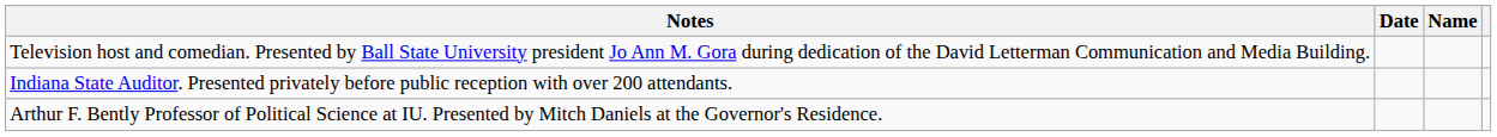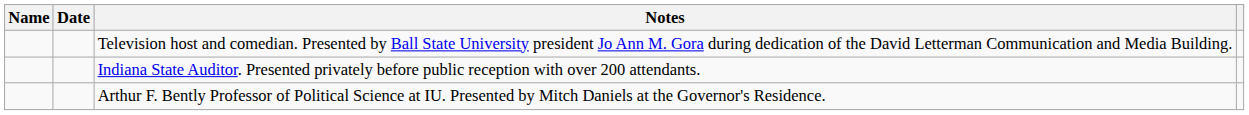 <table class="wikitable sortable plainheaders">
 <tr style="background:#b0c4de; text-align:center;">
+<th scope="col">Name</th>
+<th scope="col">Date</th>
 <th scope="col" class="unsortable">Notes</th>
-<th scope="col">Date</th>
-<th scope="col">Name</th>
 <th scope="col" class="unsortable"></th>
 </tr>
 <tr>
-<td>Television host and comedian. Presented by <a href='#'>Ball State University</a> president <a href='#'>Jo Ann M. Gora</a> during dedication of the David Letterman Communication and Media Building.</td>
 <td></td>
 <td></td>
+<td>Television host and comedian. Presented by <a href='#'>Ball State University</a> president <a href='#'>Jo Ann M. Gora</a> during dedication of the David Letterman Communication and Media Building.</td>
 <td style="text-align:center;"></td>
 </tr>
 <tr>
-<td><a href='#'>Indiana State Auditor</a>. Presented privately before public reception with over 200 attendants.</td>
 <td></td>
 <td></td>
+<td><a href='#'>Indiana State Auditor</a>. Presented privately before public reception with over 200 attendants.</td>
 <td style="text-align:center;"></td>
 </tr>
 <tr>
-<td>Arthur F. Bently Professor of Political Science at IU. Presented by Mitch Daniels at the Governor's Residence.</td>
 <td></td>
 <td></td>
+<td>Arthur F. Bently Professor of Political Science at IU. Presented by Mitch Daniels at the Governor's Residence.</td>
 <td style="text-align:center;"></td>
 </tr>
 </table>
